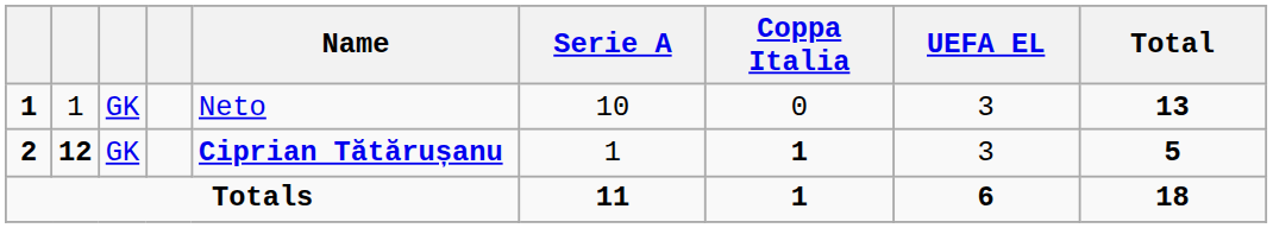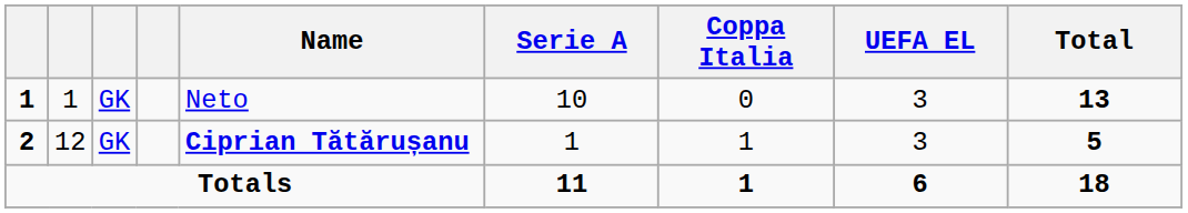 <table class="wikitable" style="text-align:center">
 <tr>
 <th width=15></th>
 <th width=15></th>
 <th width=15></th>
 <th width=15></th>
 <th width=145>Name</th>
 <th width=80><a href='#'>Serie A</a></th>
 <th width=80><a href='#'>Coppa Italia</a></th>
 <th width=80><a href='#'>UEFA EL</a></th>
 <th width=80>Total</th>
 </tr>
 <tr>
 <td><strong>1</strong></td>
 <td>1</td>
 <td><a href='#'>GK</a></td>
 <td></td>
 <td align=left><a href='#'>Neto</a></td>
 <td>10</td>
 <td>0</td>
 <td>3</td>
 <td><strong>13</strong></td>
 </tr>
 <tr>
 <td><strong>2</strong></td>
-<td><strong>12</strong></td>
+<td>12</td>
 <td><a href='#'>GK</a></td>
 <td></td>
 <td align=left><strong><a href='#'>Ciprian Tătărușanu</a></strong></td>
 <td>1</td>
-<td><strong>1</strong></td>
+<td>1</td>
 <td>3</td>
 <td><strong>5</strong></td>
 </tr>
 <tr>
 <td colspan=5><strong>Totals</strong></td>
 <td><strong>11</strong></td>
 <td><strong>1</strong></td>
 <td><strong>6</strong></td>
 <td><strong>18</strong></td>
 </tr>
 </table>
